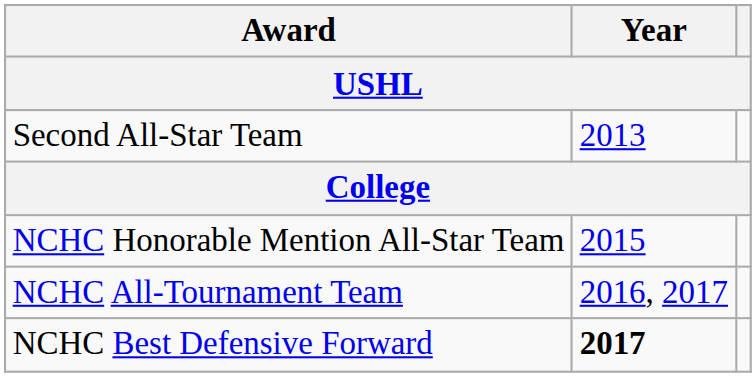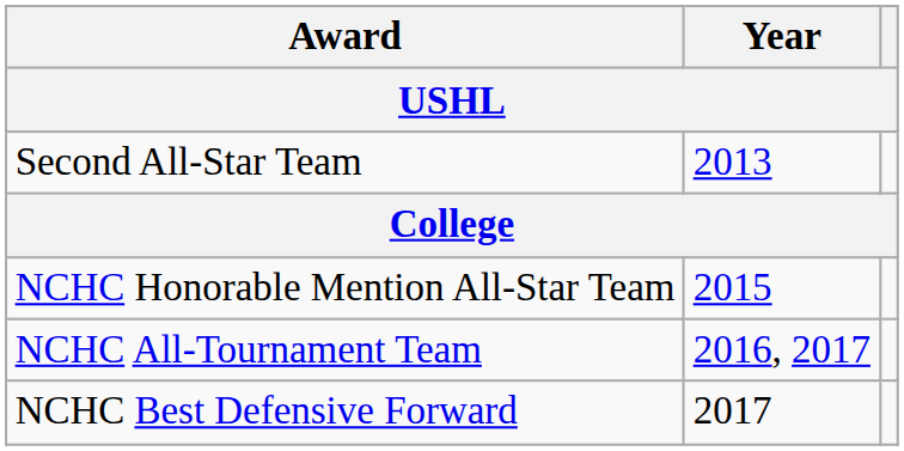 <table class="wikitable">
 <tr>
 <th>Award</th>
 <th>Year</th>
 <th></th>
 </tr>
 <tr ALIGN="center">
 <th colspan="3"><a href='#'>USHL</a></th>
 </tr>
 <tr>
 <td>Second All-Star Team</td>
 <td><a href='#'>2013</a></td>
 <td></td>
 </tr>
 <tr ALIGN="center">
 <th colspan="3"><a href='#'>College</a></th>
 </tr>
 <tr>
 <td><a href='#'>NCHC</a> Honorable Mention All-Star Team</td>
 <td><a href='#'>2015</a></td>
 <td></td>
 </tr>
 <tr>
 <td><a href='#'>NCHC</a> <a href='#'>All-Tournament Team</a></td>
 <td><a href='#'>2016</a>, <a href='#'>2017</a></td>
 <td></td>
 </tr>
 <tr>
 <td>NCHC  <a href='#'>Best Defensive Forward</a></td>
-<td><strong>2017</strong></td>
+<td>2017</td>
 <td></td>
 </tr>
 </table>
